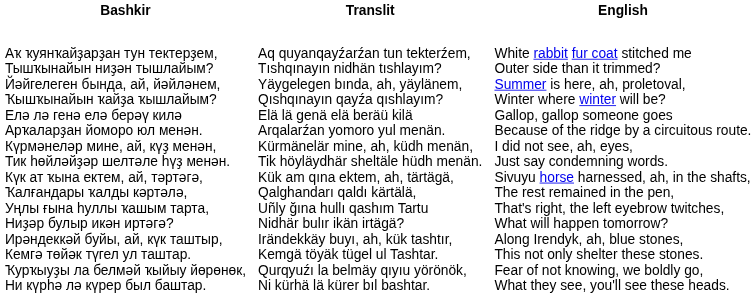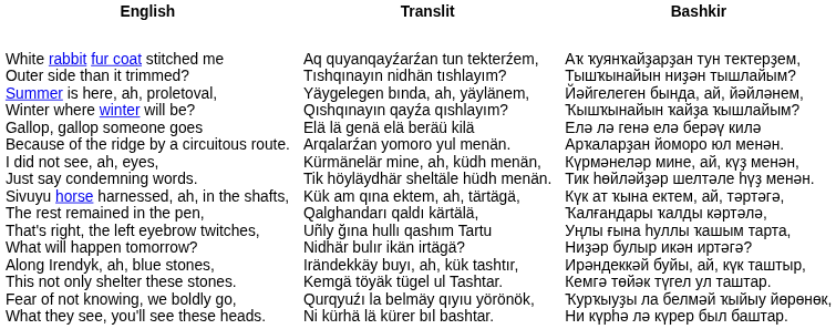 <table cellpadding=6>
 <tr>
+<th>English</th>
+<th>Translit</th>
 <th>Bashkir</th>
-<th>Translit</th>
-<th>English</th>
 </tr>
 <tr style="vertical-align:top; white-space:nowrap;">
+<td><br>White <a href='#'>rabbit</a> <a href='#'>fur coat</a> stitched me<br> Outer side than it trimmed? <br> <a href='#'>Summer</a> is here, ah, proletoval, <br> Winter where <a href='#'>winter</a> will be?<br>Gallop, gallop someone goes<br> Because of the ridge by a circuitous route. <br> I did not see, ah, eyes, <br> Just say condemning words.<br>Sivuyu <a href='#'>horse</a> harnessed, ah, in the shafts, <br> The rest remained in the pen, <br> That's right, the left eyebrow twitches, <br> What will happen tomorrow?<br>Along Irendyk, ah, blue stones, <br> This not only shelter these stones. <br> Fear of not knowing, we boldly go, <br> What they see, you'll see these heads. <br></td>
+<td><br>Aq quyanqayźarźan tun tekterźem,<br> Tıshqınayın nidhӓn tıshlayım?<br> Yӓygelegen bında, ah, yӓylӓnem,<br> Qıshqınayın qayźa qıshlayım?<br>Elӓ lӓ genӓ elӓ berӓü kilӓ<br> Arqalarźan yomoro yul menӓn.<br> Kürmӓnelӓr mine, ah, küdh menӓn,<br> Tik һöylӓydhӓr sheltӓle һüdh menӓn.<br>Kük am qına ektem, ah, tӓrtӓgӓ,<br> Qalghandarı qaldı kӓrtӓlӓ,<br> Uñly ğına һullı qashım Tartu<br> Nidhӓr bulır ikӓn irtӓgӓ?<br>Irӓndekkӓy buyı, ah, kük tashtır,<br> Kemgӓ töyӓk tügel ul Tashtar.<br> Qurqyuźı la belmӓy qıyıu yörönök,<br> Ni kürһӓ lӓ kürer bıl bashtar.</td>
 <td><br>Аҡ ҡуянҡайҙарҙан тун тектерҙем, <br> Тышҡынайын ниҙән тышлайым? <br> Йәйгелеген бында, ай, йәйләнем, <br> Ҡышҡынайын ҡайҙа ҡышлайым?<br>Елә лә генә елә берәү килә<br> Арҡаларҙан йоморо юл менән. <br> Күрмәнеләр мине, ай, күҙ менән, <br> Тик һөйләйҙәр шелтәле һүҙ менән.<br>Күк ат ҡына ектем, ай, тәртәгә, <br> Ҡалғандары ҡалды кәртәлә, <br> Уңлы ғына һуллы ҡашым тарта, <br> Ниҙәр булыр икән иртәгә?<br>Ирәндеккәй буйы, ай, күк таштыр, <br> Кемгә төйәк түгел ул таштар. <br> Ҡурҡыуҙы ла белмәй ҡыйыу йөрөнөк, <br> Ни күрһә лә күрер был баштар. <br></td>
-<td><br>Aq quyanqayźarźan tun tekterźem,<br> Tıshqınayın nidhӓn tıshlayım?<br> Yӓygelegen bında, ah, yӓylӓnem,<br> Qıshqınayın qayźa qıshlayım?<br>Elӓ lӓ genӓ elӓ berӓü kilӓ<br> Arqalarźan yomoro yul menӓn.<br> Kürmӓnelӓr mine, ah, küdh menӓn,<br> Tik һöylӓydhӓr sheltӓle һüdh menӓn.<br>Kük am qına ektem, ah, tӓrtӓgӓ,<br> Qalghandarı qaldı kӓrtӓlӓ,<br> Uñly ğına һullı qashım Tartu<br> Nidhӓr bulır ikӓn irtӓgӓ?<br>Irӓndekkӓy buyı, ah, kük tashtır,<br> Kemgӓ töyӓk tügel ul Tashtar.<br> Qurqyuźı la belmӓy qıyıu yörönök,<br> Ni kürһӓ lӓ kürer bıl bashtar.</td>
-<td><br>White <a href='#'>rabbit</a> <a href='#'>fur coat</a> stitched me<br> Outer side than it trimmed? <br> <a href='#'>Summer</a> is here, ah, proletoval, <br> Winter where <a href='#'>winter</a> will be?<br>Gallop, gallop someone goes<br> Because of the ridge by a circuitous route. <br> I did not see, ah, eyes, <br> Just say condemning words.<br>Sivuyu <a href='#'>horse</a> harnessed, ah, in the shafts, <br> The rest remained in the pen, <br> That's right, the left eyebrow twitches, <br> What will happen tomorrow?<br>Along Irendyk, ah, blue stones, <br> This not only shelter these stones. <br> Fear of not knowing, we boldly go, <br> What they see, you'll see these heads. <br></td>
 </tr>
 </table>
